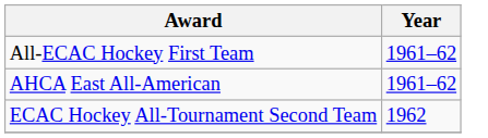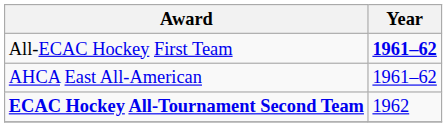 <table class="wikitable">
 <tr>
 <th>Award</th>
 <th>Year</th>
 </tr>
 <tr>
 <td>All-<a href='#'>ECAC Hockey</a> <a href='#'>First Team</a></td>
-<td><a href='#'>1961–62</a></td>
+<td><strong><a href='#'>1961–62</a></strong></td>
 </tr>
 <tr>
 <td><a href='#'>AHCA</a> <a href='#'>East All-American</a></td>
 <td><a href='#'>1961–62</a></td>
 </tr>
 <tr>
-<td><a href='#'>ECAC Hockey</a> <a href='#'>All-Tournament Second Team</a></td>
+<td><strong><a href='#'>ECAC Hockey</a> <a href='#'>All-Tournament Second Team</a></strong></td>
 <td><a href='#'>1962</a></td>
 </tr>
 <tr>
 </tr>
 </table>
